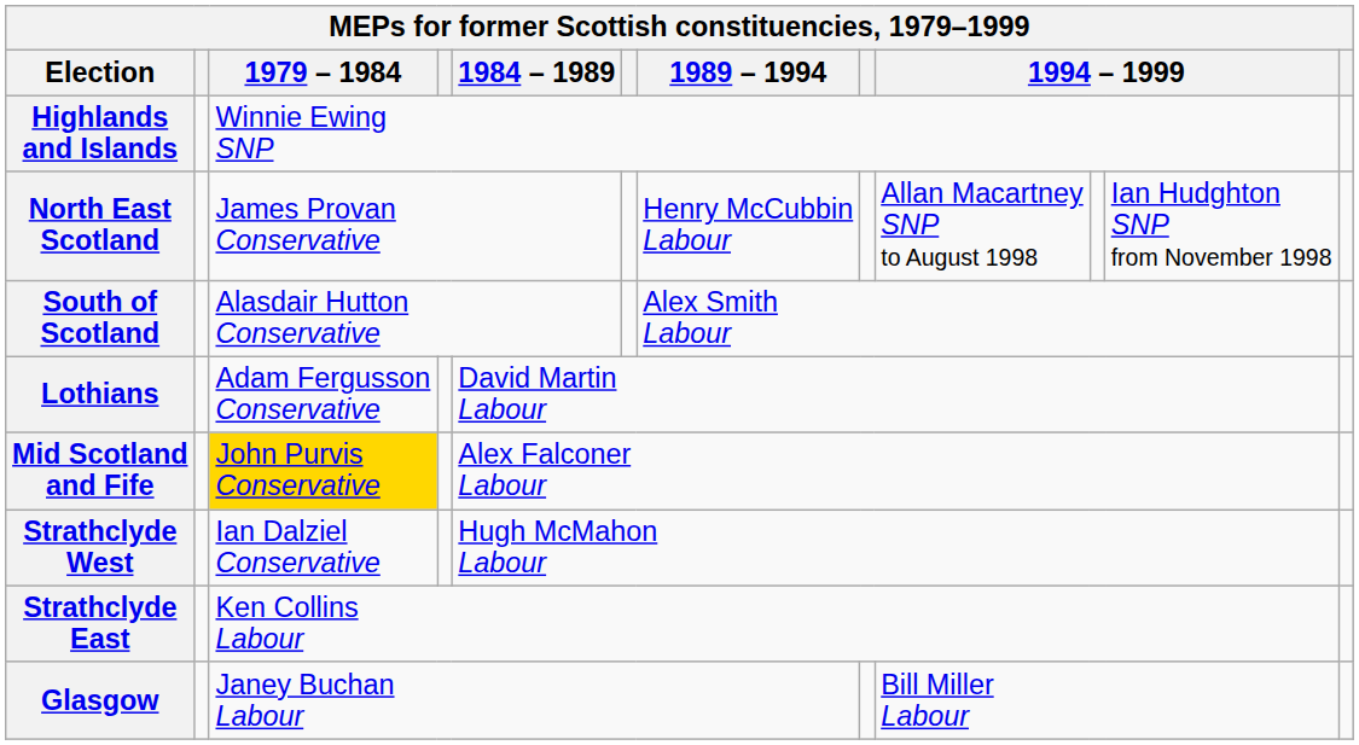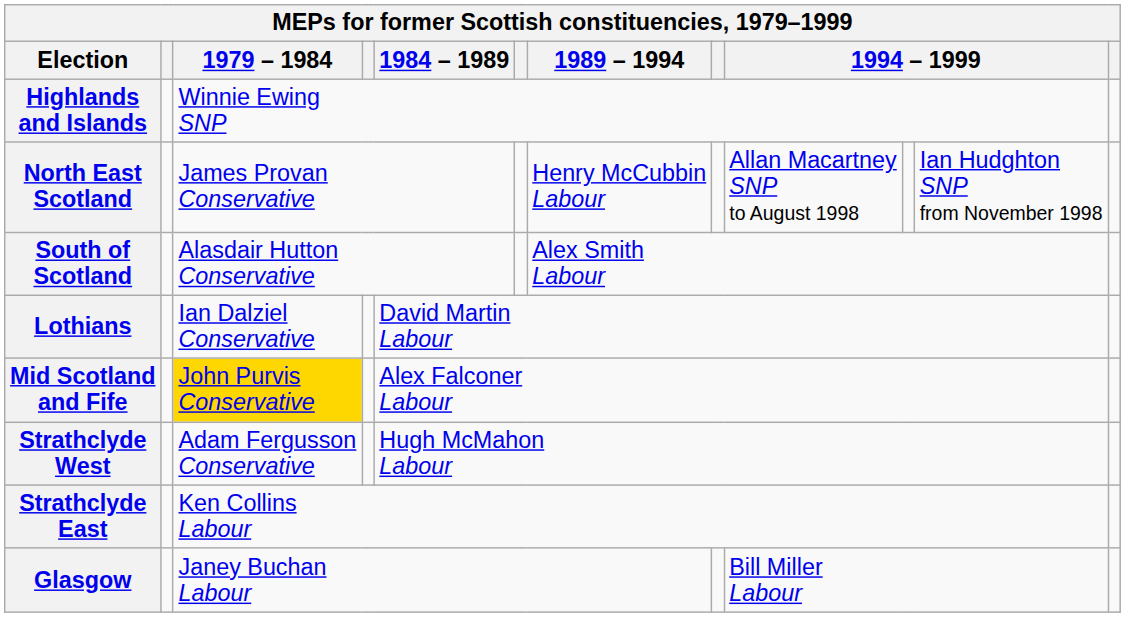 <table class="wikitable">
 <tr>
 <th colspan = 12>MEPs for former Scottish constituencies, 1979–1999</th>
 </tr>
 <tr>
 <th>Election</th>
 <th width=1px></th>
 <th><a href='#'>1979</a> – 1984</th>
 <th width=1px></th>
 <th><a href='#'>1984</a> – 1989</th>
 <th width=1px></th>
 <th><a href='#'>1989</a> – 1994</th>
 <th width=1px></th>
 <th colspan= 3><a href='#'>1994</a> – 1999</th>
 <th width=1px></th>
 </tr>
 <tr>
 <th><a href='#'>Highlands<br>and Islands</a></th>
 <td width=1px style="color:inherit;background-color: "></td>
 <td colspan = 9><a href='#'>Winnie Ewing</a><br><em><a href='#'>SNP</a></em></td>
 <td width=1px style="color:inherit;background-color: "></td>
 </tr>
 <tr>
 <th><a href='#'>North East<br>Scotland</a></th>
 <td width=1px style="color:inherit;background-color: "></td>
 <td colspan = 3><a href='#'>James Provan</a><br><em><a href='#'>Conservative</a></em></td>
 <td width=1px style="color:inherit;background-color: "></td>
 <td><a href='#'>Henry McCubbin</a><br><em><a href='#'>Labour</a></em></td>
 <td width=1px style="color:inherit;background-color: "></td>
 <td><a href='#'>Allan Macartney</a><br><em><a href='#'>SNP</a></em><br><small>to August 1998</small></td>
 <td width=1px style="color:inherit;background-color: "></td>
 <td><a href='#'>Ian Hudghton</a><br><em><a href='#'>SNP</a></em><br><small>from November 1998</small></td>
 <td width=1px style="color:inherit;background-color: "></td>
 </tr>
 <tr>
 <th><a href='#'>South of<br>Scotland</a></th>
 <td width=1px style="color:inherit;background-color: "></td>
 <td colspan = 3><a href='#'>Alasdair Hutton</a><br><em><a href='#'>Conservative</a></em></td>
 <td width=1px style="color:inherit;background-color: "></td>
 <td colspan = 5><a href='#'>Alex Smith</a><br><em><a href='#'>Labour</a></em></td>
 <td width=1px style="color:inherit;background-color: "></td>
 </tr>
 <tr>
 <th><a href='#'>Lothians</a></th>
 <td width=1px style="color:inherit;background-color: "></td>
-<td><a href='#'>Adam Fergusson</a><br><em><a href='#'>Conservative</a></em></td>
+<td><a href='#'>Ian Dalziel</a><br><em><a href='#'>Conservative</a></em></td>
 <td width=1px style="color:inherit;background-color: "></td>
 <td colspan = 7><a href='#'>David Martin</a><br><em><a href='#'>Labour</a></em></td>
 <td width=1px style="color:inherit;background-color: "></td>
 </tr>
 <tr>
 <th><a href='#'>Mid Scotland<br>and Fife</a></th>
 <td width=1px style="color:inherit;background-color: "></td>
 <td style="background: gold;"><a href='#'>John Purvis</a><br><em><a href='#'>Conservative</a></em></td>
 <td width=1px style="color:inherit;background-color: "></td>
 <td colspan = 7><a href='#'>Alex Falconer</a><br><em><a href='#'>Labour</a></em></td>
 <td width=1px style="color:inherit;background-color: "></td>
 </tr>
 <tr>
 <th><a href='#'>Strathclyde<br>West</a></th>
 <td width=1px style="color:inherit;background-color: "></td>
-<td><a href='#'>Ian Dalziel</a><br><em><a href='#'>Conservative</a></em></td>
+<td><a href='#'>Adam Fergusson</a><br><em><a href='#'>Conservative</a></em></td>
 <td width=1px style="color:inherit;background-color: "></td>
 <td colspan = 7><a href='#'>Hugh McMahon</a><br><em><a href='#'>Labour</a></em></td>
 <td width=1px style="color:inherit;background-color: "></td>
 </tr>
 <tr>
 <th><a href='#'>Strathclyde<br>East</a></th>
 <td width=1px style="color:inherit;background-color: "></td>
 <td colspan = 9><a href='#'>Ken Collins</a><br><em><a href='#'>Labour</a></em></td>
 <td width=1px style="color:inherit;background-color: "></td>
 </tr>
 <tr>
 <th><a href='#'>Glasgow</a></th>
 <td width=1px style="color:inherit;background-color: "></td>
 <td colspan = 5><a href='#'>Janey Buchan</a><br><em><a href='#'>Labour</a></em></td>
 <td width=1px style="color:inherit;background-color: "></td>
 <td colspan = 3><a href='#'>Bill Miller</a><br><em><a href='#'>Labour</a></em></td>
 <td width=1px style="color:inherit;background-color: "></td>
 </tr>
 </table>
